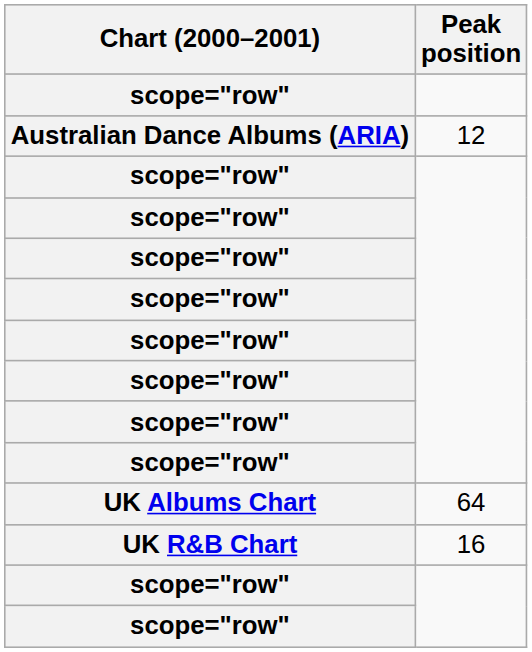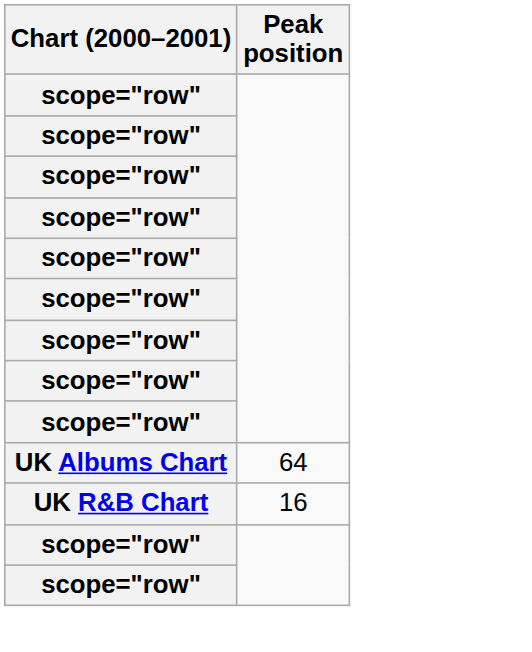 <table class="wikitable sortable plainrowheaders" style="text-align:left;">
 <tr>
 <th scope="col">Chart (2000–2001)</th>
 <th scope="col">Peak<br>position</th>
 </tr>
 <tr>
 <th>scope="row" </th>
-</tr>
-<tr>
-<th scope="row">Australian Dance Albums (<a href='#'>ARIA</a>)</th>
-<td align="center">12</td>
 </tr>
 <tr>
 <th>scope="row" </th>
 </tr>
 <tr>
 <th>scope="row" </th>
 </tr>
 <tr>
 <th>scope="row" </th>
 </tr>
 <tr>
 <th>scope="row" </th>
 </tr>
 <tr>
 <th>scope="row" </th>
 </tr>
 <tr>
 <th>scope="row" </th>
 </tr>
 <tr>
 <th>scope="row" </th>
 </tr>
 <tr>
 <th>scope="row" </th>
 </tr>
 <tr>
 <th scope="row">UK <a href='#'>Albums Chart</a></th>
 <td style="text-align:center;">64</td>
 </tr>
 <tr>
 <th scope="row">UK <a href='#'>R&B Chart</a></th>
 <td style="text-align:center;">16</td>
 </tr>
 <tr>
 <th>scope="row" </th>
 </tr>
 <tr>
 <th>scope="row" </th>
 </tr>
 </table>
